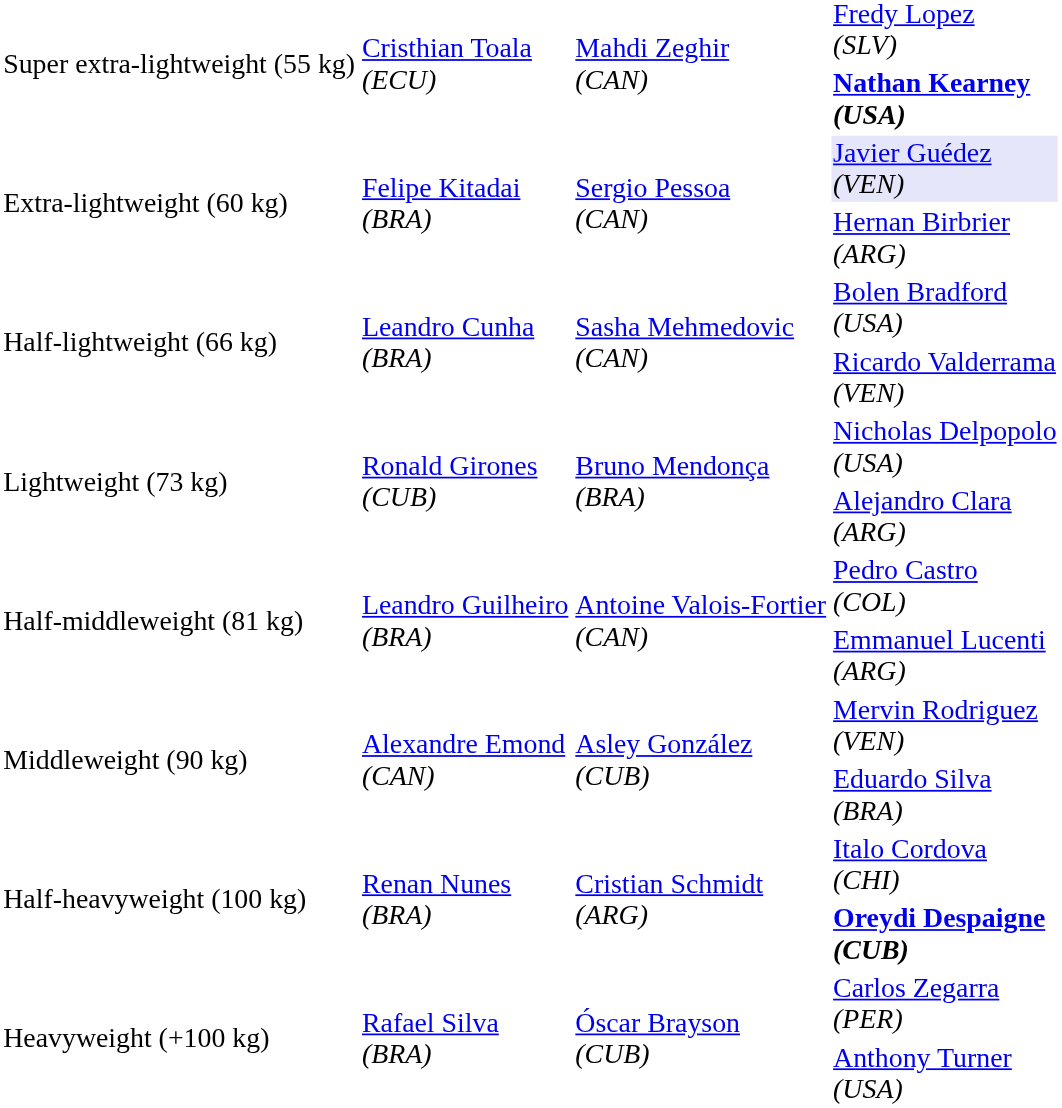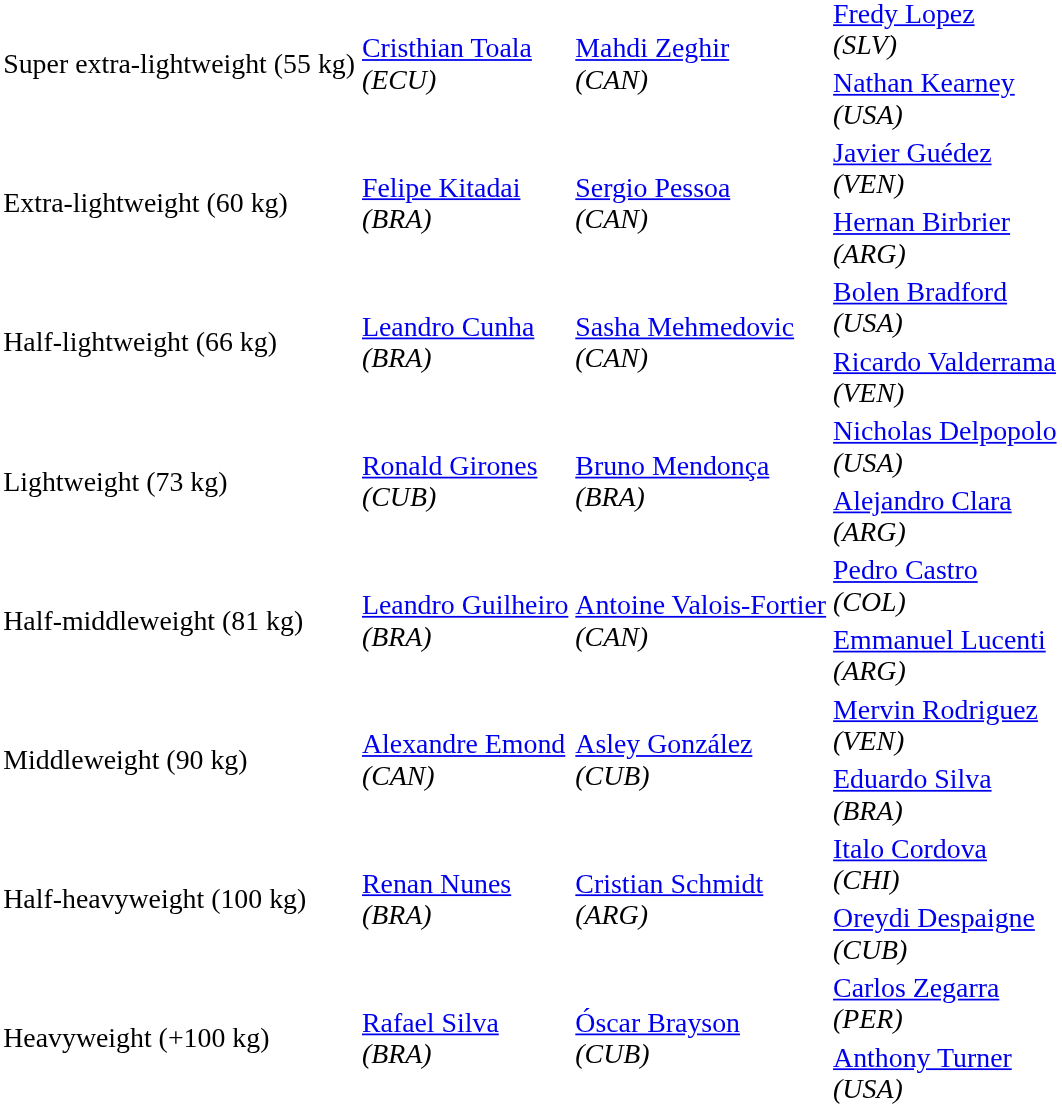 <table>
 <tr>
 <td rowspan=2>Super extra-lightweight (55 kg)</td>
 <td rowspan=2><a href='#'>Cristhian Toala</a><br> <em> (ECU)</em></td>
 <td rowspan=2><a href='#'>Mahdi Zeghir</a> <br> <em> (CAN)</em></td>
 <td><a href='#'>Fredy Lopez</a> <br> <em> (SLV)</em></td>
 </tr>
 <tr>
-<td><strong><a href='#'>Nathan Kearney</a> <br> <em> (USA)</em></strong></td>
+<td><a href='#'>Nathan Kearney</a> <br> <em> (USA)</em></td>
 </tr>
 <tr>
 <td rowspan=2>Extra-lightweight (60 kg)</td>
 <td rowspan=2><a href='#'>Felipe Kitadai</a><br> <em> (BRA)</em></td>
 <td rowspan=2><a href='#'>Sergio Pessoa</a> <br> <em> (CAN)</em></td>
-<td style="background: lavender;"><a href='#'>Javier Guédez</a> <br> <em> (VEN)</em></td>
+<td><a href='#'>Javier Guédez</a> <br> <em> (VEN)</em></td>
 </tr>
 <tr>
 <td><a href='#'>Hernan Birbrier</a> <br> <em> (ARG)</em></td>
 </tr>
 <tr>
 <td rowspan=2>Half-lightweight (66 kg)</td>
 <td rowspan=2><a href='#'>Leandro Cunha</a><br> <em> (BRA)</em></td>
 <td rowspan=2><a href='#'>Sasha Mehmedovic</a> <br> <em> (CAN)</em></td>
 <td><a href='#'>Bolen Bradford</a> <br> <em> (USA)</em></td>
 </tr>
 <tr>
 <td><a href='#'>Ricardo Valderrama</a> <br> <em> (VEN)</em></td>
 </tr>
 <tr>
 <td rowspan=2>Lightweight (73 kg)</td>
 <td rowspan=2><a href='#'>Ronald Girones</a><br> <em> (CUB)</em></td>
 <td rowspan=2><a href='#'>Bruno Mendonça</a> <br> <em> (BRA)</em></td>
 <td><a href='#'>Nicholas Delpopolo</a> <br> <em> (USA)</em></td>
 </tr>
 <tr>
 <td><a href='#'>Alejandro Clara</a> <br> <em> (ARG)</em></td>
 </tr>
 <tr>
 <td rowspan=2>Half-middleweight (81 kg)</td>
 <td rowspan=2><a href='#'>Leandro Guilheiro</a><br> <em> (BRA)</em></td>
 <td rowspan=2><a href='#'>Antoine Valois-Fortier</a> <br> <em> (CAN)</em></td>
 <td><a href='#'>Pedro Castro</a> <br> <em> (COL)</em></td>
 </tr>
 <tr>
 <td><a href='#'>Emmanuel Lucenti</a> <br> <em> (ARG)</em></td>
 </tr>
 <tr>
 <td rowspan=2>Middleweight (90 kg)</td>
 <td rowspan=2><a href='#'>Alexandre Emond</a><br><em> (CAN)</em></td>
 <td rowspan=2><a href='#'>Asley González</a><br><em> (CUB)</em></td>
 <td><a href='#'>Mervin Rodriguez</a><br> <em> (VEN)</em></td>
 </tr>
 <tr>
 <td><a href='#'>Eduardo Silva</a> <br> <em> (BRA)</em></td>
 </tr>
 <tr>
 <td rowspan=2>Half-heavyweight (100 kg)</td>
 <td rowspan=2><a href='#'>Renan Nunes</a><br><em> (BRA)</em></td>
 <td rowspan=2><a href='#'>Cristian Schmidt</a><br><em> (ARG)</em></td>
 <td><a href='#'>Italo Cordova</a><br> <em> (CHI)</em></td>
 </tr>
 <tr>
-<td><strong><a href='#'>Oreydi Despaigne</a> <br> <em> (CUB)</em></strong></td>
+<td><a href='#'>Oreydi Despaigne</a> <br> <em> (CUB)</em></td>
 </tr>
 <tr>
 <td rowspan=2>Heavyweight (+100 kg)</td>
 <td rowspan=2><a href='#'>Rafael Silva</a><br><em> (BRA)</em></td>
 <td rowspan=2><a href='#'>Óscar Brayson</a><br><em> (CUB)</em></td>
 <td><a href='#'>Carlos Zegarra</a><br> <em> (PER)</em></td>
 </tr>
 <tr>
 <td><a href='#'>Anthony Turner</a> <br> <em> (USA)</em></td>
 </tr>
 <tr>
 </tr>
 </table>
